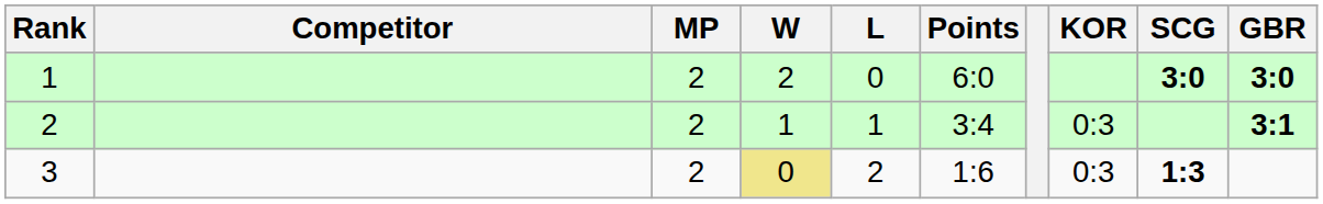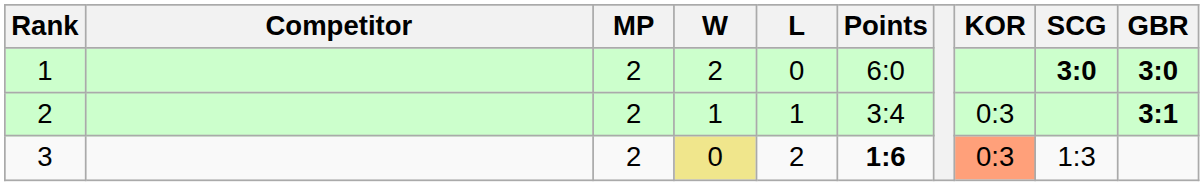 <table class="wikitable" style="text-align:center">
 <tr>
 <th>Rank</th>
 <th style="width:18em">Competitor</th>
 <th style="width:2.5em">MP</th>
 <th style="width:2.5em">W</th>
 <th style="width:2.5em">L</th>
 <th>Points</th>
 <th rowspan="4"> </th>
 <th style="width:2.5em">KOR</th>
 <th style="width:2.5em">SCG</th>
 <th style="width:2.5em">GBR</th>
 </tr>
 <tr style="background:#cfc;">
 <td>1</td>
 <td style="text-align:left"></td>
 <td>2</td>
 <td>2</td>
 <td>0</td>
 <td>6:0</td>
 <td></td>
 <td><strong>3:0</strong></td>
 <td><strong>3:0</strong></td>
 </tr>
 <tr style="background:#cfc;">
 <td>2</td>
 <td style="text-align:left"></td>
 <td>2</td>
 <td>1</td>
 <td>1</td>
 <td>3:4</td>
 <td>0:3</td>
 <td></td>
 <td><strong>3:1</strong></td>
 </tr>
 <tr>
 <td>3</td>
 <td style="text-align:left"></td>
 <td>2</td>
 <td style="background: khaki;">0</td>
 <td>2</td>
-<td>1:6</td>
-<td>0:3</td>
-<td><strong>1:3</strong></td>
+<td><strong>1:6</strong></td>
+<td style="background: lightsalmon;">0:3</td>
+<td>1:3</td>
 <td></td>
 </tr>
 </table>
